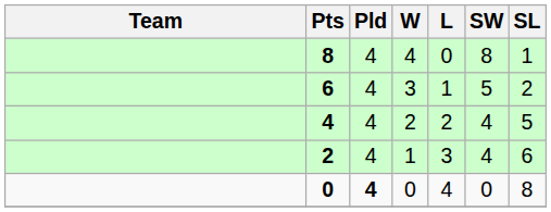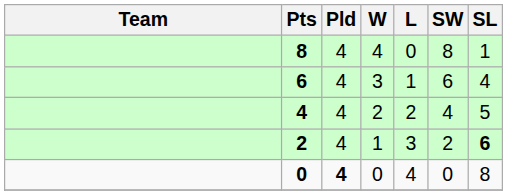 <table class=wikitable style="text-align:center">
 <tr>
 <th width=220>Team</th>
 <th width=20>Pts</th>
 <th width=20>Pld</th>
 <th width=20>W</th>
 <th width=20>L</th>
 <th width=20>SW</th>
 <th width=20>SL</th>
 </tr>
 <tr bgcolor=#ccffcc>
 <td align=left></td>
 <td><strong>8</strong></td>
 <td>4</td>
 <td>4</td>
 <td>0</td>
 <td>8</td>
 <td>1</td>
 </tr>
 <tr bgcolor=#ccffcc>
 <td align=left></td>
 <td><strong>6</strong></td>
 <td>4</td>
 <td>3</td>
 <td>1</td>
-<td>5</td>
-<td>2</td>
+<td>6</td>
+<td>4</td>
 </tr>
 <tr bgcolor=#ccffcc>
 <td align=left></td>
 <td><strong>4</strong></td>
 <td>4</td>
 <td>2</td>
 <td>2</td>
 <td>4</td>
 <td>5</td>
 </tr>
 <tr bgcolor=#ccffcc>
 <td align=left></td>
 <td><strong>2</strong></td>
 <td>4</td>
 <td>1</td>
 <td>3</td>
-<td>4</td>
-<td>6</td>
+<td>2</td>
+<td><strong>6</strong></td>
 </tr>
 <tr bgcolor=>
 <td align=left></td>
 <td><strong>0</strong></td>
 <td><strong>4</strong></td>
 <td>0</td>
 <td>4</td>
 <td>0</td>
 <td>8</td>
 </tr>
 <tr>
 </tr>
 </table>
